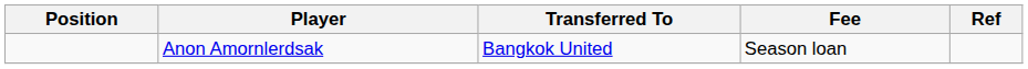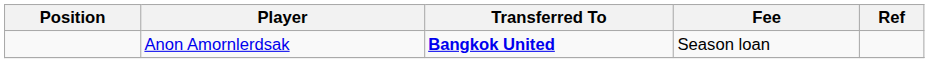 <table class="wikitable sortable" style="width:70%; text-align:center; font-size:100%; text-align:left;">
 <tr>
 <th>Position</th>
 <th>Player</th>
 <th>Transferred To</th>
 <th>Fee</th>
 <th>Ref</th>
 </tr>
 <tr>
 <td></td>
 <td> <a href='#'>Anon Amornlerdsak</a></td>
-<td> <a href='#'>Bangkok United</a></td>
+<td><strong> <a href='#'>Bangkok United</a></strong></td>
 <td>Season loan</td>
 <td></td>
 </tr>
 <tr>
 </tr>
 </table>
